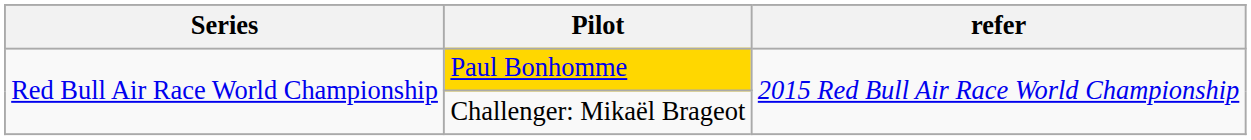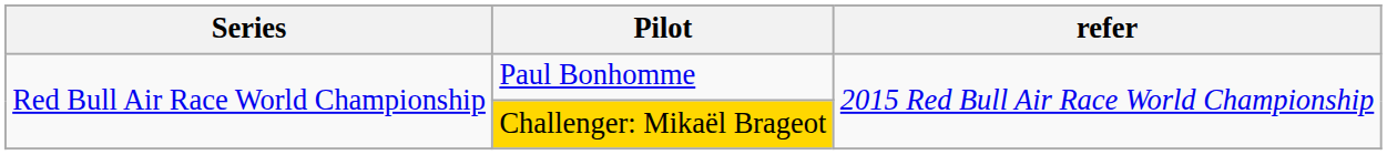 <table class="wikitable" style="font-size: 87%;">
 <tr>
 <th>Series</th>
 <th>Pilot</th>
 <th>refer</th>
 </tr>
 <tr>
 <td rowspan=2><a href='#'>Red Bull Air Race World Championship</a></td>
-<td style="background: gold;"> <a href='#'>Paul Bonhomme</a></td>
+<td> <a href='#'>Paul Bonhomme</a></td>
 <td rowspan=2><em><a href='#'>2015 Red Bull Air Race World Championship</a></em></td>
 </tr>
 <tr>
-<td>Challenger:  Mikaël Brageot</td>
+<td style="background: gold;">Challenger:  Mikaël Brageot</td>
 </tr>
 </table>
